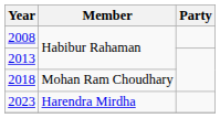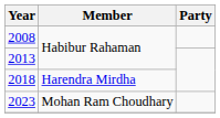 <table class="wikitable sortable">
 <tr>
 <th>Year</th>
 <th>Member</th>
 <th colspan="2">Party</th>
 </tr>
 <tr>
 <td><a href='#'>2008</a></td>
 <td rowspan=2>Habibur Rahaman</td>
 <td></td>
 </tr>
 <tr>
 <td><a href='#'>2013</a></td>
 </tr>
 <tr>
 <td><a href='#'>2018</a></td>
-<td>Mohan Ram Choudhary</td>
+<td><a href='#'>Harendra Mirdha</a></td>
 </tr>
 <tr>
 <td><a href='#'>2023</a></td>
-<td><a href='#'>Harendra Mirdha</a></td>
+<td>Mohan Ram Choudhary</td>
 <td></td>
 </tr>
 <tr>
 </tr>
 </table>
